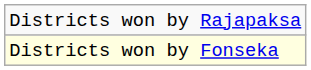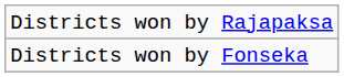 <table class="wikitable">
 <tr>
 <td>Districts won by <a href='#'>Rajapaksa</a></td>
 </tr>
 <tr>
-<td style="background: lightyellow;">Districts won by <a href='#'>Fonseka</a></td>
+<td>Districts won by <a href='#'>Fonseka</a></td>
 </tr>
 </table>
